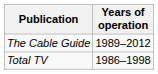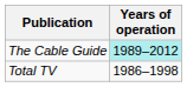 <table class="wikitable">
 <tr>
 <th>Publication</th>
 <th>Years of<br>operation</th>
 </tr>
 <tr>
 <td><em>The Cable Guide</em></td>
-<td>1989–2012</td>
+<td style="background: paleturquoise;">1989–2012</td>
 </tr>
 <tr>
 <td><em>Total TV</em></td>
 <td>1986–1998</td>
 </tr>
 </table>
